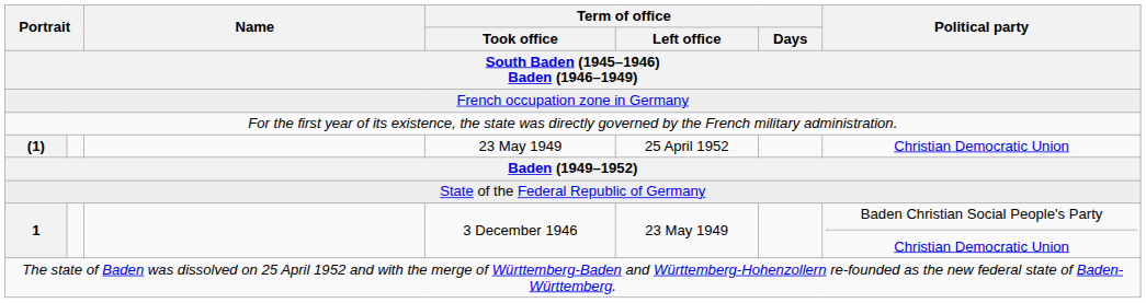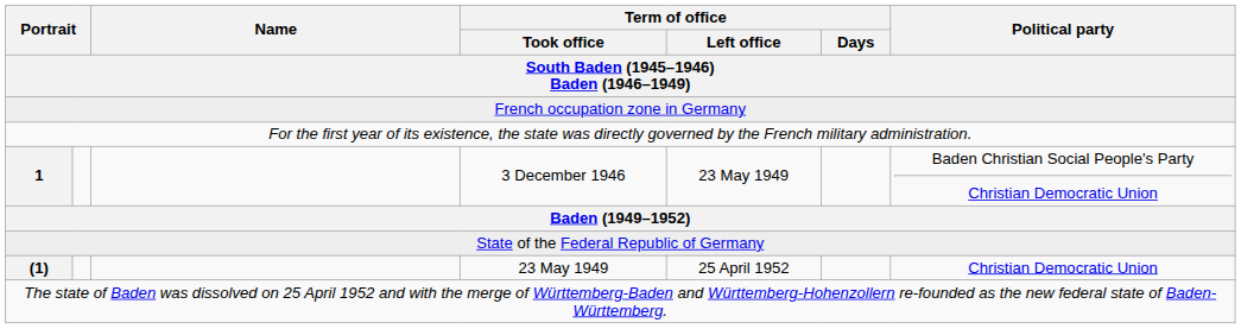 <table class="wikitable" style="text-align:center; width:100%; border:1px #AAAAFF solid">
 <tr>
 <th width=80px rowspan=2 colspan=2>Portrait</th>
 <th width=30% rowspan=2>Name<br></th>
 <th width=35% colspan=3>Term of office</th>
 <th width=28% rowspan=2>Political party</th>
 </tr>
 <tr>
 <th>Took office</th>
 <th>Left office</th>
 <th>Days</th>
 </tr>
 <tr>
 <th colspan="7"><a href='#'>South Baden</a> (1945–1946)<br><a href='#'>Baden</a> (1946–1949)</th>
 </tr>
 <tr>
 <td bgcolor=#EEEEEE colspan=7><a href='#'>French occupation zone in Germany</a></td>
 </tr>
 <tr>
 <td colspan="7"><em>For the first year of its existence, the state was directly governed by the French military administration.</em></td>
 </tr>
 <tr>
+<th style="background:">1</th>
+<td></td>
+<td><strong></strong><br></td>
+<td>3 December 1946</td>
+<td>23 May 1949</td>
+<td></td>
+<td>Baden Christian Social People's Party<br> <hr> <a href='#'>Christian Democratic Union</a><br></td>
+</tr>
+<tr>
+<th colspan="7"><a href='#'>Baden</a> (1949–1952)</th>
+</tr>
+<tr>
+<td bgcolor=#EEEEEE colspan=7><a href='#'>State</a> of the <a href='#'>Federal Republic of Germany</a></td>
+</tr>
+<tr>
 <th style="background:">(1)</th>
 <td></td>
 <td><strong></strong><br></td>
 <td>23 May 1949</td>
 <td>25 April 1952</td>
 <td></td>
 <td><a href='#'>Christian Democratic Union</a></td>
 </tr>
 <tr>
-<th colspan="7"><a href='#'>Baden</a> (1949–1952)</th>
-</tr>
-<tr>
-<td bgcolor=#EEEEEE colspan=7><a href='#'>State</a> of the <a href='#'>Federal Republic of Germany</a></td>
-</tr>
-<tr>
-<th style="background:">1</th>
-<td></td>
-<td><strong></strong><br></td>
-<td>3 December 1946</td>
-<td>23 May 1949</td>
-<td></td>
-<td>Baden Christian Social People's Party<br> <hr> <a href='#'>Christian Democratic Union</a><br></td>
-</tr>
-<tr>
 <td colspan="7"><em>The state of <a href='#'>Baden</a> was dissolved on 25 April 1952 and with the merge of <a href='#'>Württemberg-Baden</a> and <a href='#'>Württemberg-Hohenzollern</a> re-founded as the new federal state of <a href='#'>Baden-Württemberg</a>.</em></td>
 </tr>
 </table>
